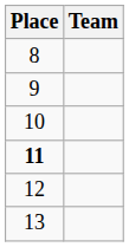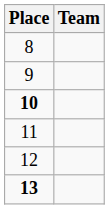 <table class="wikitable" style="text-align:center; padding-bottom:0;">
 <tr>
 <th>Place</th>
 <th style="text-align:left;">Team</th>
 </tr>
 <tr>
 <td>8</td>
 <td align=left></td>
 </tr>
 <tr>
 <td>9</td>
 <td align=left></td>
 </tr>
 <tr>
-<td>10</td>
+<td><strong>10</strong></td>
 <td align=left></td>
 </tr>
 <tr>
-<td><strong>11</strong></td>
+<td>11</td>
 <td align=left></td>
 </tr>
 <tr>
 <td>12</td>
 <td align=left></td>
 </tr>
 <tr>
-<td>13</td>
+<td><strong>13</strong></td>
 <td align=left></td>
 </tr>
 </table>
